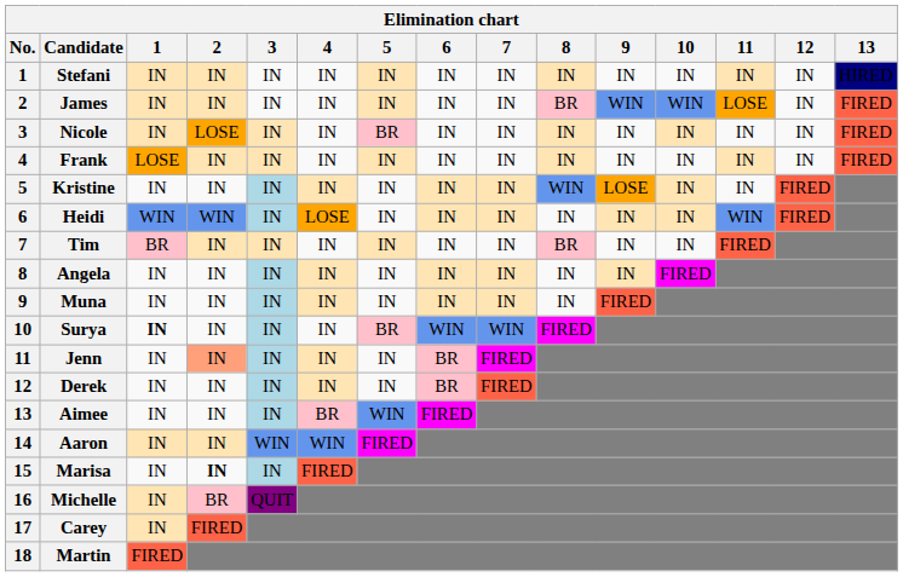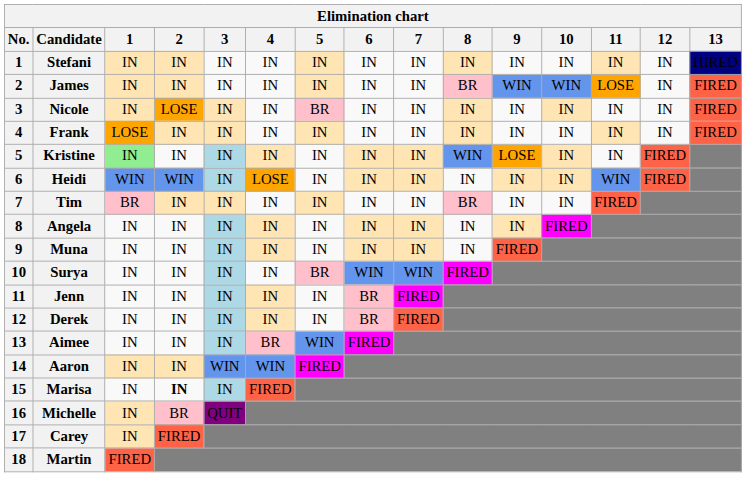 <table class="wikitable" style="text-align:center;">
 <tr>
 <th colspan="15">Elimination chart</th>
 </tr>
 <tr>
 <th>No.</th>
 <th>Candidate</th>
 <th>1</th>
 <th>2</th>
 <th>3</th>
 <th>4</th>
 <th>5</th>
 <th>6</th>
 <th>7</th>
 <th>8</th>
 <th>9</th>
 <th>10</th>
 <th>11</th>
 <th>12</th>
 <th>13</th>
 </tr>
 <tr>
 <th>1</th>
 <th>Stefani</th>
 <td style="background:#ffe5b4;">IN</td>
 <td style="background:#ffe5b4;">IN</td>
 <td>IN</td>
 <td>IN</td>
 <td style="background:#ffe5b4;">IN</td>
 <td>IN</td>
 <td>IN</td>
 <td style="background:#ffe5b4;">IN</td>
 <td>IN</td>
 <td>IN</td>
 <td style="background:#ffe5b4;">IN</td>
 <td>IN</td>
 <td style="background:navy;"><span>HIRED</span></td>
 </tr>
 <tr>
 <th>2</th>
 <th>James</th>
 <td style="background:#ffe5b4;">IN</td>
 <td style="background:#ffe5b4;">IN</td>
 <td>IN</td>
 <td>IN</td>
 <td style="background:#ffe5b4;">IN</td>
 <td>IN</td>
 <td>IN</td>
 <td style="background:pink;">BR</td>
 <td style="background:cornflowerblue;">WIN</td>
 <td style="background:cornflowerblue;">WIN</td>
 <td style="background:orange;">LOSE</td>
 <td>IN</td>
 <td style="background:tomato;">FIRED</td>
 </tr>
 <tr>
 <th>3</th>
 <th>Nicole</th>
 <td style="background:#ffe5b4;">IN</td>
 <td style="background:orange;">LOSE</td>
 <td style="background:#ffe5b4;">IN</td>
 <td>IN</td>
 <td style="background:pink;">BR</td>
 <td>IN</td>
 <td>IN</td>
 <td style="background:#ffe5b4;">IN</td>
 <td>IN</td>
 <td style="background:#ffe5b4;">IN</td>
 <td>IN</td>
 <td>IN</td>
 <td style="background:tomato;">FIRED</td>
 </tr>
 <tr>
 <th>4</th>
 <th>Frank</th>
 <td style="background:orange;">LOSE</td>
 <td style="background:#ffe5b4;">IN</td>
 <td style="background:#ffe5b4;">IN</td>
 <td>IN</td>
 <td style="background:#ffe5b4;">IN</td>
 <td>IN</td>
 <td>IN</td>
 <td style="background:#ffe5b4;">IN</td>
 <td>IN</td>
 <td>IN</td>
 <td style="background:#ffe5b4;">IN</td>
 <td>IN</td>
 <td style="background:tomato;">FIRED</td>
 </tr>
 <tr>
 <th>5</th>
 <th>Kristine</th>
-<td>IN</td>
+<td style="background: lightgreen;">IN</td>
 <td>IN</td>
 <td style="background:lightblue;">IN</td>
 <td style="background:#ffe5b4;">IN</td>
 <td>IN</td>
 <td style="background:#ffe5b4;">IN</td>
 <td style="background:#ffe5b4;">IN</td>
 <td style="background:cornflowerblue;">WIN</td>
 <td style="background:orange;">LOSE</td>
 <td style="background:#ffe5b4;">IN</td>
 <td>IN</td>
 <td style="background:tomato;">FIRED</td>
 <td style="background:gray;"></td>
 </tr>
 <tr>
 <th>6</th>
 <th>Heidi</th>
 <td style="background:cornflowerblue;">WIN</td>
 <td style="background:cornflowerblue;">WIN</td>
 <td style="background:lightblue;">IN</td>
 <td style="background:orange;">LOSE</td>
 <td>IN</td>
 <td style="background:#ffe5b4;">IN</td>
 <td style="background:#ffe5b4;">IN</td>
 <td>IN</td>
 <td style="background:#ffe5b4;">IN</td>
 <td style="background:#ffe5b4;">IN</td>
 <td style="background:cornflowerblue;">WIN</td>
 <td style="background:tomato;">FIRED</td>
 <td style="background:gray;"></td>
 </tr>
 <tr>
 <th>7</th>
 <th>Tim</th>
 <td style="background:pink;">BR</td>
 <td style="background:#ffe5b4;">IN</td>
 <td style="background:#ffe5b4;">IN</td>
 <td>IN</td>
 <td style="background:#ffe5b4;">IN</td>
 <td>IN</td>
 <td>IN</td>
 <td style="background:pink;">BR</td>
 <td>IN</td>
 <td>IN</td>
 <td style="background:tomato;">FIRED</td>
 <td colspan="2" style="background:gray;"></td>
 </tr>
 <tr>
 <th>8</th>
 <th>Angela</th>
 <td>IN</td>
 <td>IN</td>
 <td style="background:lightblue;">IN</td>
 <td style="background:#ffe5b4;">IN</td>
 <td>IN</td>
 <td style="background:#ffe5b4;">IN</td>
 <td style="background:#ffe5b4;">IN</td>
 <td>IN</td>
 <td style="background:#ffe5b4;">IN</td>
 <td style="background:magenta;">FIRED</td>
 <td colspan="3" style="background:gray;"></td>
 </tr>
 <tr>
 <th>9</th>
 <th>Muna</th>
 <td>IN</td>
 <td>IN</td>
 <td style="background:lightblue;">IN</td>
 <td style="background:#ffe5b4;">IN</td>
 <td>IN</td>
 <td style="background:#ffe5b4;">IN</td>
 <td style="background:#ffe5b4;">IN</td>
 <td>IN</td>
 <td style="background:tomato;">FIRED</td>
 <td colspan="4" style="background:gray;"></td>
 </tr>
 <tr>
 <th>10</th>
 <th>Surya</th>
-<td><strong>IN</strong></td>
+<td>IN</td>
 <td>IN</td>
 <td style="background:lightblue;">IN</td>
 <td>IN</td>
 <td style="background:pink;">BR</td>
 <td style="background:cornflowerblue;">WIN</td>
 <td style="background:cornflowerblue;">WIN</td>
 <td style="background:magenta;">FIRED</td>
 <td colspan="5" style="background:gray;"></td>
 </tr>
 <tr>
 <th>11</th>
 <th>Jenn</th>
 <td>IN</td>
-<td style="background: lightsalmon;">IN</td>
+<td>IN</td>
 <td style="background:lightblue;">IN</td>
 <td style="background:#ffe5b4;">IN</td>
 <td>IN</td>
 <td style="background:pink;">BR</td>
 <td style="background:magenta;">FIRED</td>
 <td colspan="6" style="background:gray;"></td>
 </tr>
 <tr>
 <th>12</th>
 <th>Derek</th>
 <td>IN</td>
 <td>IN</td>
 <td style="background:lightblue;">IN</td>
 <td style="background:#ffe5b4;">IN</td>
 <td>IN</td>
 <td style="background:pink;">BR</td>
 <td style="background:tomato;">FIRED</td>
 <td colspan="7" style="background:gray;"></td>
 </tr>
 <tr>
 <th>13</th>
 <th>Aimee</th>
 <td>IN</td>
 <td>IN</td>
 <td style="background:lightblue;">IN</td>
 <td style="background:pink;">BR</td>
 <td style="background:cornflowerblue;">WIN</td>
 <td style="background:magenta;">FIRED</td>
 <td colspan="8" style="background:gray;"></td>
 </tr>
 <tr>
 <th>14</th>
 <th>Aaron</th>
 <td style="background:#ffe5b4;">IN</td>
 <td style="background:#ffe5b4;">IN</td>
 <td style="background:cornflowerblue;">WIN</td>
 <td style="background:cornflowerblue;">WIN</td>
 <td style="background:magenta;">FIRED</td>
 <td colspan="9" style="background:gray;"></td>
 </tr>
 <tr>
 <th>15</th>
 <th>Marisa</th>
 <td>IN</td>
 <td><strong>IN</strong></td>
 <td style="background:lightblue;">IN</td>
 <td style="background:tomato;">FIRED</td>
 <td colspan="10" style="background:gray;"></td>
 </tr>
 <tr>
 <th>16</th>
 <th>Michelle</th>
 <td style="background:#ffe5b4;">IN</td>
 <td style="background:pink;">BR</td>
 <td style="background:purple;"><span>QUIT</span></td>
 <td colspan="11" style="background:gray;"></td>
 </tr>
 <tr>
 <th>17</th>
 <th>Carey</th>
 <td style="background:#ffe5b4;">IN</td>
 <td style="background:tomato;">FIRED</td>
 <td colspan="12" style="background:gray;"></td>
 </tr>
 <tr>
 <th>18</th>
 <th>Martin</th>
 <td style="background:tomato;">FIRED</td>
 <td colspan="13" style="background:gray;"></td>
 </tr>
 </table>
